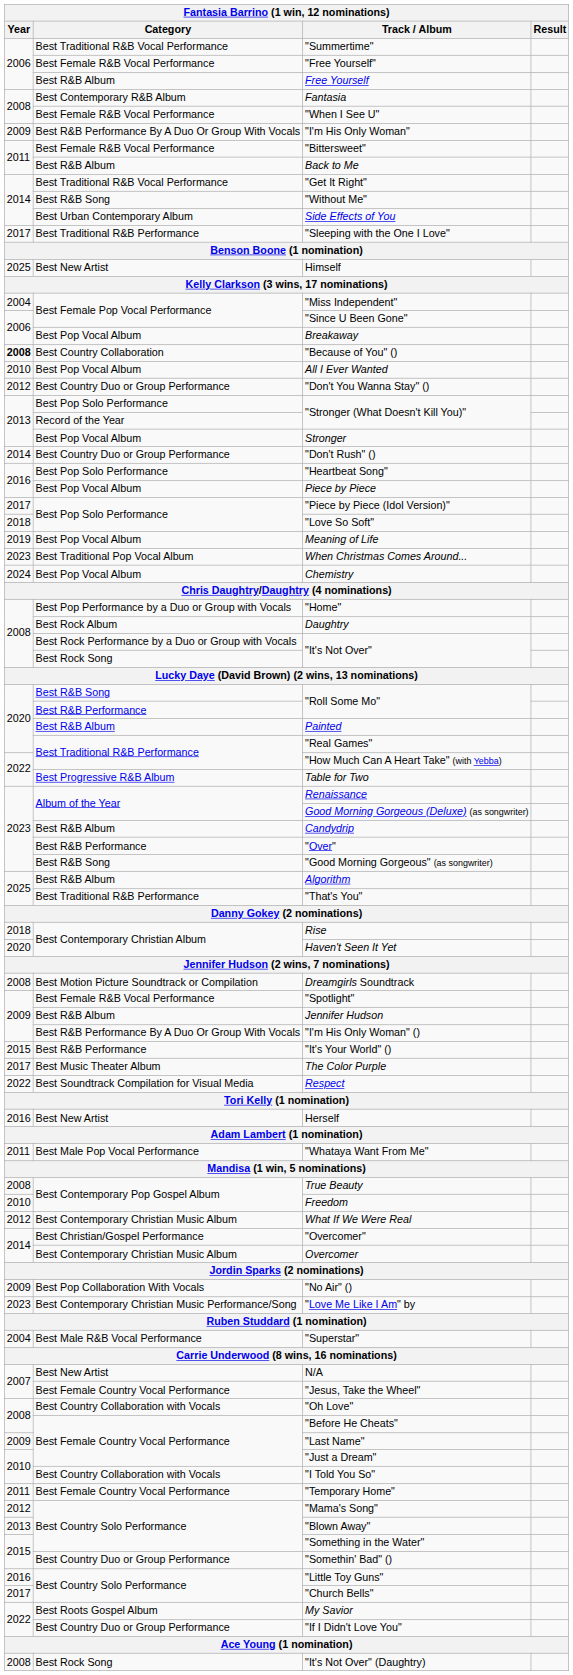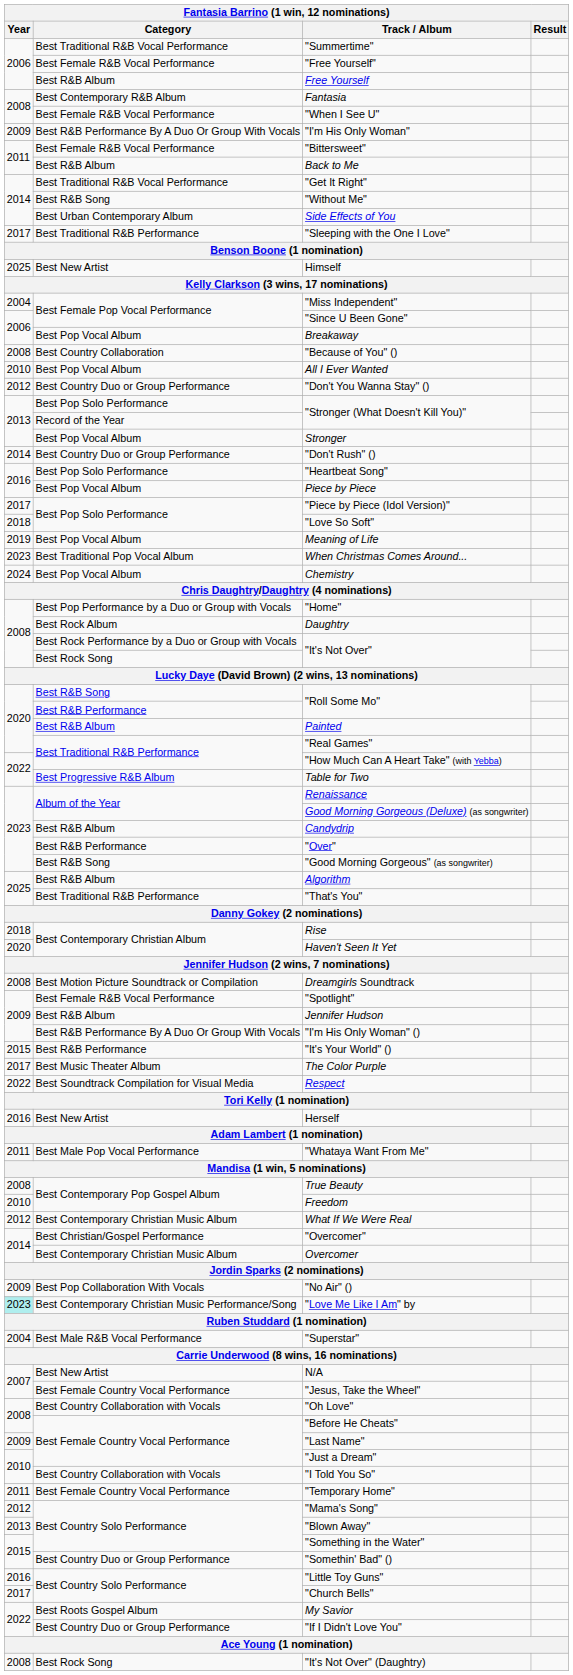 <table class="wikitable">
 <tr>
 <th colspan="4"><a href='#'>Fantasia Barrino</a> (1 win, 12 nominations)</th>
 </tr>
 <tr>
 <th>Year</th>
 <th>Category</th>
 <th>Track / Album</th>
 <th>Result</th>
 </tr>
 <tr>
 <td rowspan="3">2006</td>
 <td>Best Traditional R&B Vocal Performance</td>
 <td>"Summertime"</td>
 <td></td>
 </tr>
 <tr>
 <td>Best Female R&B Vocal Performance</td>
 <td>"Free Yourself"</td>
 <td></td>
 </tr>
 <tr>
 <td>Best R&B Album</td>
 <td><em><a href='#'>Free Yourself</a></em></td>
 <td></td>
 </tr>
 <tr>
 <td rowspan="2">2008</td>
 <td>Best Contemporary R&B Album</td>
 <td><em>Fantasia</em></td>
 <td></td>
 </tr>
 <tr>
 <td>Best Female R&B Vocal Performance</td>
 <td>"When I See U"</td>
 <td></td>
 </tr>
 <tr>
 <td>2009</td>
 <td>Best R&B Performance By A Duo Or Group With Vocals</td>
 <td>"I'm His Only Woman" </td>
 <td></td>
 </tr>
 <tr>
 <td rowspan="2">2011</td>
 <td>Best Female R&B Vocal Performance</td>
 <td>"Bittersweet"</td>
 <td></td>
 </tr>
 <tr>
 <td>Best R&B Album</td>
 <td><em>Back to Me</em></td>
 <td></td>
 </tr>
 <tr>
 <td rowspan="3">2014</td>
 <td>Best Traditional R&B Vocal Performance</td>
 <td>"Get It Right"</td>
 <td></td>
 </tr>
 <tr>
 <td>Best R&B Song</td>
 <td>"Without Me"</td>
 <td></td>
 </tr>
 <tr>
 <td>Best Urban Contemporary Album</td>
 <td><em><a href='#'>Side Effects of You</a></em></td>
 <td></td>
 </tr>
 <tr>
 <td>2017</td>
 <td>Best Traditional R&B Performance</td>
 <td>"Sleeping with the One I Love"</td>
 <td></td>
 </tr>
 <tr>
 <th colspan="4"><a href='#'>Benson Boone</a> (1 nomination)</th>
 </tr>
 <tr>
 <td>2025</td>
 <td rowspan="1">Best New Artist</td>
 <td>Himself</td>
 <td></td>
 </tr>
 <tr>
 <th colspan="4"><a href='#'>Kelly Clarkson</a> (3 wins, 17 nominations)</th>
 </tr>
 <tr>
 <td>2004</td>
 <td rowspan="2">Best Female Pop Vocal Performance</td>
 <td>"Miss Independent"</td>
 <td></td>
 </tr>
 <tr>
 <td rowspan="2">2006</td>
 <td>"Since U Been Gone"</td>
 <td></td>
 </tr>
 <tr>
 <td>Best Pop Vocal Album</td>
 <td><em>Breakaway</em></td>
 <td></td>
 </tr>
 <tr>
-<td><strong>2008</strong></td>
+<td>2008</td>
 <td>Best Country Collaboration</td>
 <td>"Because of You" ()</td>
 <td></td>
 </tr>
 <tr>
 <td>2010</td>
 <td>Best Pop Vocal Album</td>
 <td><em>All I Ever Wanted</em></td>
 <td></td>
 </tr>
 <tr>
 <td>2012</td>
 <td>Best Country Duo or Group Performance</td>
 <td>"Don't You Wanna Stay" ()</td>
 <td></td>
 </tr>
 <tr>
 <td rowspan="3">2013</td>
 <td>Best Pop Solo Performance</td>
 <td rowspan="2">"Stronger (What Doesn't Kill You)"</td>
 <td></td>
 </tr>
 <tr>
 <td>Record of the Year</td>
 <td></td>
 </tr>
 <tr>
 <td>Best Pop Vocal Album</td>
 <td><em>Stronger</em></td>
 <td></td>
 </tr>
 <tr>
 <td>2014</td>
 <td>Best Country Duo or Group Performance</td>
 <td>"Don't Rush" ()</td>
 <td></td>
 </tr>
 <tr>
 <td rowspan="2">2016</td>
 <td>Best Pop Solo Performance</td>
 <td>"Heartbeat Song"</td>
 <td></td>
 </tr>
 <tr>
 <td>Best Pop Vocal Album</td>
 <td><em>Piece by Piece</em></td>
 <td></td>
 </tr>
 <tr>
 <td>2017</td>
 <td rowspan="2">Best Pop Solo Performance</td>
 <td>"Piece by Piece (Idol Version)"</td>
 <td></td>
 </tr>
 <tr>
 <td>2018</td>
 <td>"Love So Soft"</td>
 <td></td>
 </tr>
 <tr>
 <td>2019</td>
 <td>Best Pop Vocal Album</td>
 <td><em>Meaning of Life</em></td>
 <td></td>
 </tr>
 <tr>
 <td>2023</td>
 <td>Best Traditional Pop Vocal Album</td>
 <td><em>When Christmas Comes Around...</em></td>
 <td></td>
 </tr>
 <tr>
 <td>2024</td>
 <td>Best Pop Vocal Album</td>
 <td><em>Chemistry</em></td>
 <td></td>
 </tr>
 <tr>
 <th colspan="4"><a href='#'>Chris Daughtry</a>/<a href='#'>Daughtry</a> (4 nominations)</th>
 </tr>
 <tr>
 <td rowspan="4">2008</td>
 <td>Best Pop Performance by a Duo or Group with Vocals</td>
 <td>"Home"</td>
 <td></td>
 </tr>
 <tr>
 <td>Best Rock Album</td>
 <td><em>Daughtry</em></td>
 <td></td>
 </tr>
 <tr>
 <td>Best Rock Performance by a Duo or Group with Vocals</td>
 <td rowspan="2">"It's Not Over"</td>
 <td></td>
 </tr>
 <tr>
 <td>Best Rock Song</td>
 <td></td>
 </tr>
 <tr>
 <th colspan="4"><a href='#'>Lucky Daye</a> (David Brown) (2 wins, 13 nominations)</th>
 </tr>
 <tr>
 <td rowspan=4>2020</td>
 <td><a href='#'>Best R&B Song</a></td>
 <td rowspan=2>"Roll Some Mo"</td>
 <td></td>
 </tr>
 <tr>
 <td><a href='#'>Best R&B Performance</a></td>
 <td></td>
 </tr>
 <tr>
 <td><a href='#'>Best R&B Album</a></td>
 <td><em><a href='#'>Painted</a></em></td>
 <td></td>
 </tr>
 <tr>
 <td rowspan=2><a href='#'>Best Traditional R&B Performance</a></td>
 <td>"Real Games"</td>
 <td></td>
 </tr>
 <tr>
 <td rowspan=2>2022</td>
 <td>"How Much Can A Heart Take" <small>(with <a href='#'>Yebba</a>)</small></td>
 <td></td>
 </tr>
 <tr>
 <td><a href='#'>Best Progressive R&B Album</a></td>
 <td><em>Table for Two</em></td>
 <td></td>
 </tr>
 <tr>
 <td rowspan=5>2023</td>
 <td rowspan=2><a href='#'>Album of the Year</a></td>
 <td><em><a href='#'>Renaissance</a></em> </td>
 <td></td>
 </tr>
 <tr>
 <td><em><a href='#'>Good Morning Gorgeous (Deluxe)</a></em> <small>(as songwriter)</small></td>
 <td></td>
 </tr>
 <tr>
 <td>Best R&B Album</td>
 <td><em><a href='#'>Candydrip</a></em></td>
 <td></td>
 </tr>
 <tr>
 <td>Best R&B Performance</td>
 <td>"<a href='#'>Over</a>"</td>
 <td></td>
 </tr>
 <tr>
 <td>Best R&B Song</td>
 <td>"Good Morning Gorgeous" <small>(as songwriter)</small></td>
 <td></td>
 </tr>
 <tr>
 <td rowspan=2>2025</td>
 <td>Best R&B Album</td>
 <td><em><a href='#'>Algorithm</a></em></td>
 <td></td>
 </tr>
 <tr>
 <td>Best Traditional R&B Performance</td>
 <td>"That's You"</td>
 <td></td>
 </tr>
 <tr>
 <th colspan="4"><a href='#'>Danny Gokey</a> (2 nominations)</th>
 </tr>
 <tr>
 <td>2018</td>
 <td rowspan="2">Best Contemporary Christian Album</td>
 <td><em>Rise</em></td>
 <td></td>
 </tr>
 <tr>
 <td>2020</td>
 <td><em>Haven't Seen It Yet</em></td>
 <td></td>
 </tr>
 <tr>
 <th colspan="5"><a href='#'>Jennifer Hudson</a> (2 wins, 7 nominations)</th>
 </tr>
 <tr>
 <td>2008</td>
 <td>Best Motion Picture Soundtrack or Compilation</td>
 <td><em>Dreamgirls</em> Soundtrack</td>
 <td></td>
 </tr>
 <tr>
 <td rowspan="3">2009</td>
 <td>Best Female R&B Vocal Performance</td>
 <td>"Spotlight"</td>
 <td></td>
 </tr>
 <tr>
 <td>Best R&B Album</td>
 <td><em>Jennifer Hudson</em></td>
 <td></td>
 </tr>
 <tr>
 <td>Best R&B Performance By A Duo Or Group With Vocals</td>
 <td>"I'm His Only Woman" ()</td>
 <td></td>
 </tr>
 <tr>
 <td>2015</td>
 <td>Best R&B Performance</td>
 <td>"It's Your World" ()</td>
 <td></td>
 </tr>
 <tr>
 <td>2017</td>
 <td>Best Music Theater Album</td>
 <td><em>The Color Purple</em></td>
 <td></td>
 </tr>
 <tr>
 <td>2022</td>
 <td>Best Soundtrack Compilation for Visual Media</td>
 <td><em><a href='#'>Respect</a></em></td>
 <td></td>
 </tr>
 <tr>
 <th colspan="4"><a href='#'>Tori Kelly</a> (1 nomination)</th>
 </tr>
 <tr>
 <td>2016</td>
 <td rowspan="1">Best New Artist</td>
 <td>Herself</td>
 <td></td>
 </tr>
 <tr>
 <th colspan="4"><a href='#'>Adam Lambert</a> (1 nomination)</th>
 </tr>
 <tr>
 <td>2011</td>
 <td>Best Male Pop Vocal Performance</td>
 <td>"Whataya Want From Me"</td>
 <td></td>
 </tr>
 <tr>
 <th colspan="4"><a href='#'>Mandisa</a> (1 win, 5 nominations)</th>
 </tr>
 <tr>
 <td>2008</td>
 <td rowspan="2">Best Contemporary Pop Gospel Album</td>
 <td><em>True Beauty</em></td>
 <td></td>
 </tr>
 <tr>
 <td>2010</td>
 <td><em>Freedom</em></td>
 <td></td>
 </tr>
 <tr>
 <td>2012</td>
 <td>Best Contemporary Christian Music Album</td>
 <td><em>What If We Were Real</em></td>
 <td></td>
 </tr>
 <tr>
 <td rowspan="2">2014</td>
 <td>Best Christian/Gospel Performance</td>
 <td>"Overcomer"</td>
 <td></td>
 </tr>
 <tr>
 <td>Best Contemporary Christian Music Album</td>
 <td><em>Overcomer</em></td>
 <td></td>
 </tr>
 <tr>
 <th colspan="4"><a href='#'>Jordin Sparks</a> (2 nominations)</th>
 </tr>
 <tr>
 <td>2009</td>
 <td>Best Pop Collaboration With Vocals</td>
 <td>"No Air" ()</td>
 <td></td>
 </tr>
 <tr>
-<td>2023</td>
+<td style="background: paleturquoise;">2023</td>
 <td>Best Contemporary Christian Music Performance/Song</td>
 <td>"<a href='#'>Love Me Like I Am</a>" by </td>
 <td></td>
 </tr>
 <tr>
 <th colspan="4"><a href='#'>Ruben Studdard</a> (1 nomination)</th>
 </tr>
 <tr>
 <td>2004</td>
 <td>Best Male R&B Vocal Performance</td>
 <td>"Superstar"</td>
 <td></td>
 </tr>
 <tr>
 <th colspan="4"><a href='#'>Carrie Underwood</a> (8 wins, 16 nominations)</th>
 </tr>
 <tr>
 <td rowspan="2">2007</td>
 <td>Best New Artist</td>
 <td>N/A</td>
 <td></td>
 </tr>
 <tr>
 <td>Best Female Country Vocal Performance</td>
 <td>"Jesus, Take the Wheel"</td>
 <td></td>
 </tr>
 <tr>
 <td rowspan="2">2008</td>
 <td>Best Country Collaboration with Vocals</td>
 <td>"Oh Love"</td>
 <td></td>
 </tr>
 <tr>
 <td rowspan="3">Best Female Country Vocal Performance</td>
 <td>"Before He Cheats"</td>
 <td></td>
 </tr>
 <tr>
 <td>2009</td>
 <td>"Last Name"</td>
 <td></td>
 </tr>
 <tr>
 <td rowspan="2">2010</td>
 <td>"Just a Dream"</td>
 <td></td>
 </tr>
 <tr>
 <td>Best Country Collaboration with Vocals</td>
 <td>"I Told You So"</td>
 <td></td>
 </tr>
 <tr>
 <td>2011</td>
 <td>Best Female Country Vocal Performance</td>
 <td>"Temporary Home"</td>
 <td></td>
 </tr>
 <tr>
 <td>2012</td>
 <td rowspan="3">Best Country Solo Performance</td>
 <td>"Mama's Song"</td>
 <td></td>
 </tr>
 <tr>
 <td>2013</td>
 <td>"Blown Away"</td>
 <td></td>
 </tr>
 <tr>
 <td rowspan="2">2015</td>
 <td>"Something in the Water"</td>
 <td></td>
 </tr>
 <tr>
 <td>Best Country Duo or Group Performance</td>
 <td>"Somethin' Bad" ()</td>
 <td></td>
 </tr>
 <tr>
 <td>2016</td>
 <td rowspan="2">Best Country Solo Performance</td>
 <td>"Little Toy Guns"</td>
 <td></td>
 </tr>
 <tr>
 <td>2017</td>
 <td>"Church Bells"</td>
 <td></td>
 </tr>
 <tr>
 <td rowspan="2">2022</td>
 <td>Best Roots Gospel Album</td>
 <td><em>My Savior</em></td>
 <td></td>
 </tr>
 <tr>
 <td>Best Country Duo or Group Performance</td>
 <td>"If I Didn't Love You" </td>
 <td></td>
 </tr>
 <tr>
 <th colspan="4"><a href='#'>Ace Young</a> (1 nomination)</th>
 </tr>
 <tr>
 <td>2008</td>
 <td>Best Rock Song</td>
 <td>"It's Not Over" (Daughtry) </td>
 <td></td>
 </tr>
 </table>
